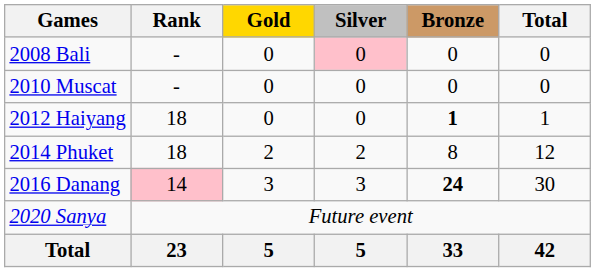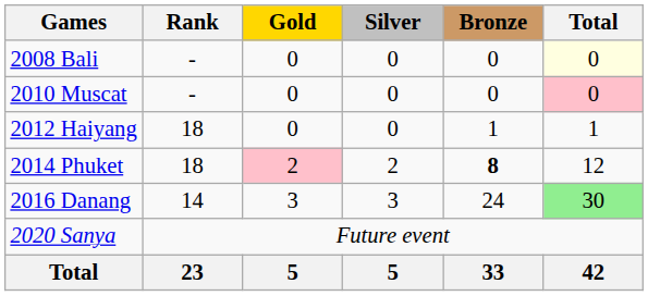 <table class="wikitable sortable" style="margin-top:0em; text-align:center; font-size:100%;">
 <tr>
 <th>Games</th>
 <th style="width:4em;">Rank</th>
 <th style="background:gold; width:4em;"><strong>Gold</strong></th>
 <th style="background:silver; width:4em;"><strong>Silver</strong></th>
 <th style="background:#cc9966; width:4em;"><strong>Bronze</strong></th>
 <th style="width:4em;">Total</th>
 </tr>
 <tr>
 <td align=left><a href='#'>2008 Bali</a></td>
 <td>-</td>
 <td>0</td>
-<td style="background: pink;">0</td>
 <td>0</td>
 <td>0</td>
+<td style="background: lightyellow;">0</td>
 </tr>
 <tr>
 <td align=left><a href='#'>2010 Muscat</a></td>
 <td>-</td>
 <td>0</td>
 <td>0</td>
 <td>0</td>
-<td>0</td>
+<td style="background: pink;">0</td>
 </tr>
 <tr>
 <td align=left><a href='#'>2012 Haiyang</a></td>
 <td>18</td>
 <td>0</td>
 <td>0</td>
-<td><strong>1</strong></td>
+<td>1</td>
 <td>1</td>
 </tr>
 <tr>
 <td align=left><a href='#'>2014 Phuket</a></td>
 <td>18</td>
+<td style="background: pink;">2</td>
 <td>2</td>
-<td>2</td>
-<td>8</td>
+<td><strong>8</strong></td>
 <td>12</td>
 </tr>
 <tr>
 <td align=left><a href='#'>2016 Danang</a></td>
-<td style="background: pink;">14</td>
+<td>14</td>
 <td>3</td>
 <td>3</td>
-<td><strong>24</strong></td>
-<td>30</td>
+<td>24</td>
+<td style="background: lightgreen;">30</td>
 </tr>
 <tr>
 <td align=left><em><a href='#'>2020 Sanya</a></em></td>
 <td colspan=5><em>Future event</em></td>
 </tr>
 <tr>
 <th>Total</th>
 <th>23</th>
 <th>5</th>
 <th>5</th>
 <th>33</th>
 <th>42</th>
 </tr>
 </table>
